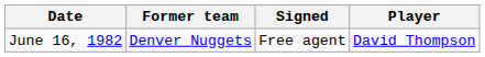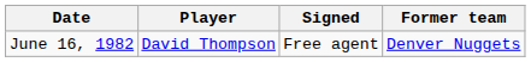 <table class="wikitable sortable sortable">
 <tr>
 <th>Date</th>
+<th>Player</th>
+<th>Signed</th>
 <th>Former team</th>
-<th>Signed</th>
-<th>Player</th>
 </tr>
 <tr style="text-align: center">
 <td>June 16, <a href='#'>1982</a></td>
+<td><a href='#'>David Thompson</a></td>
+<td>Free agent</td>
 <td><a href='#'>Denver Nuggets</a></td>
-<td>Free agent</td>
-<td><a href='#'>David Thompson</a></td>
 </tr>
 </table>
